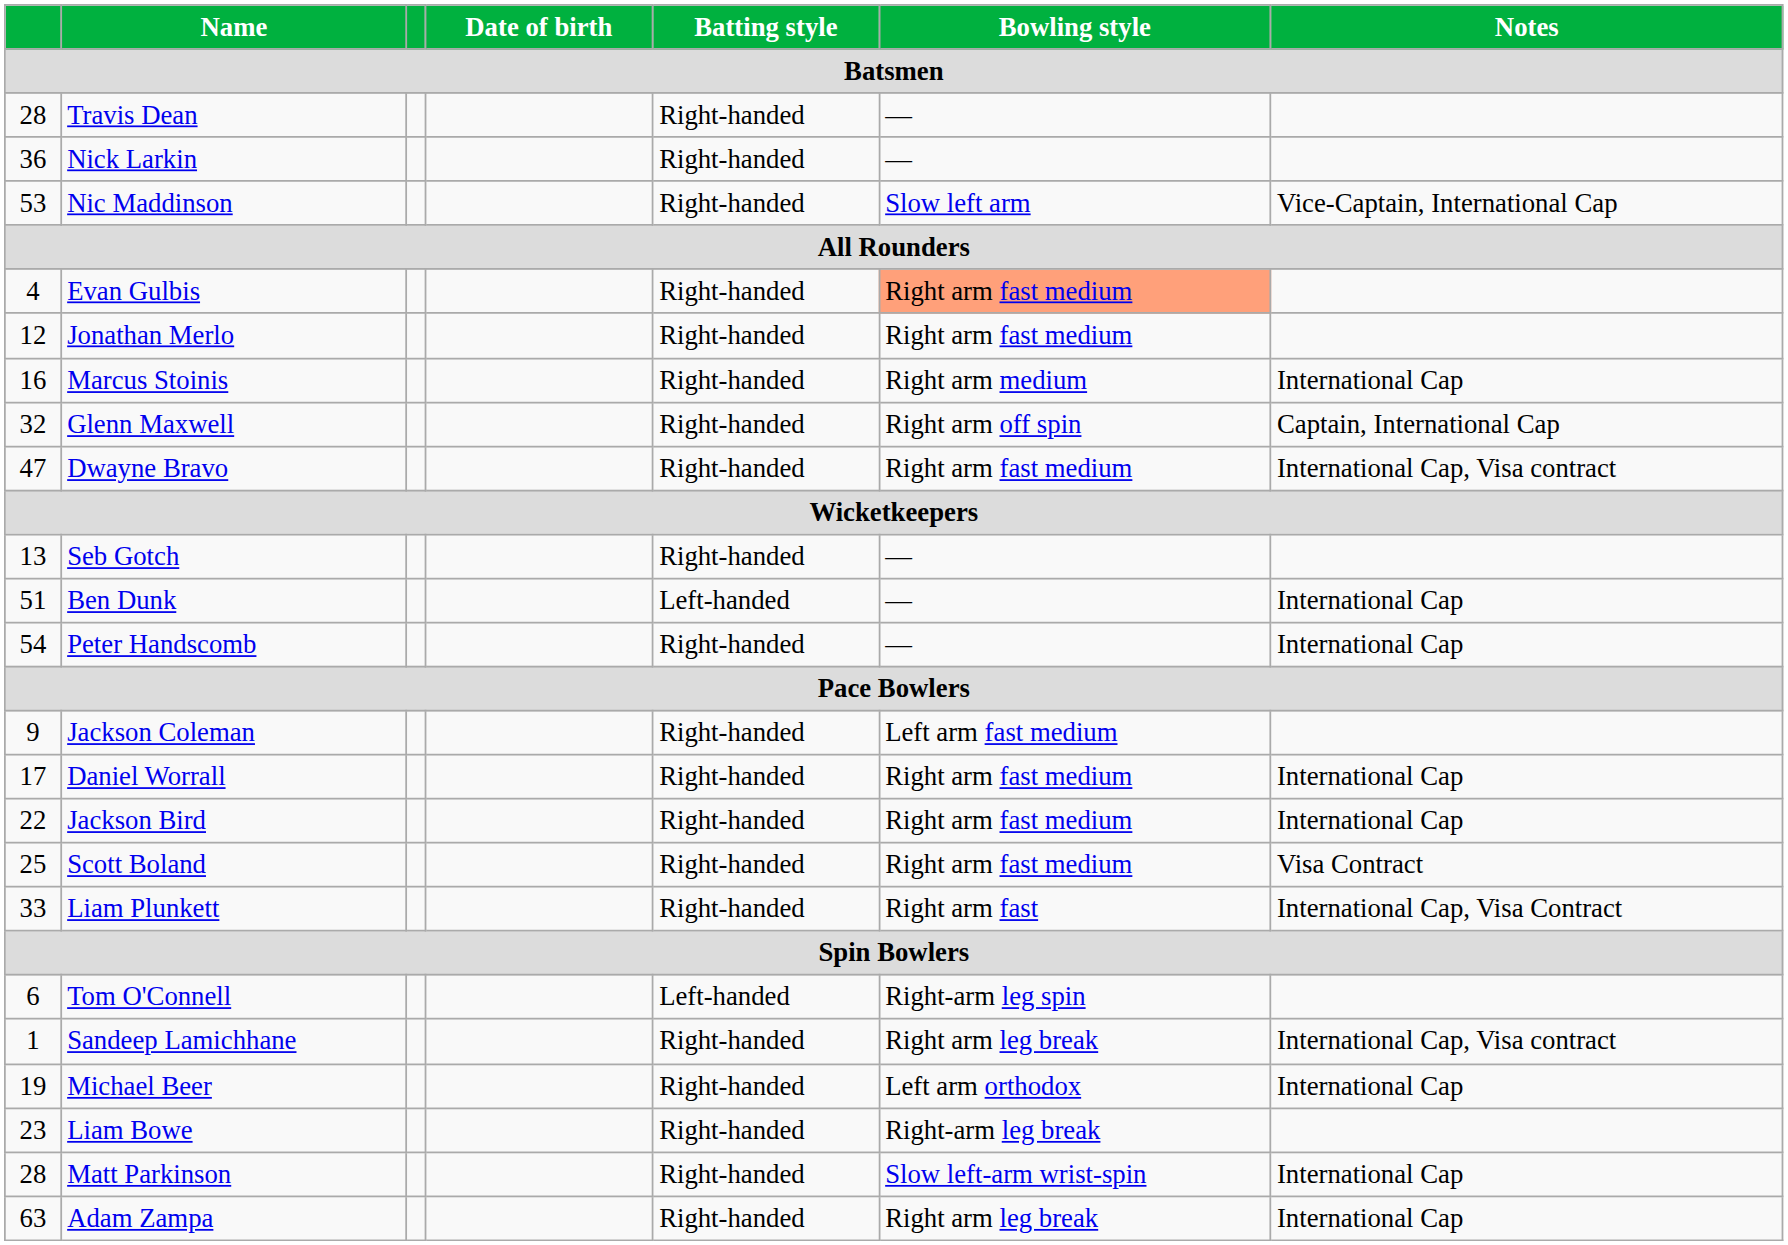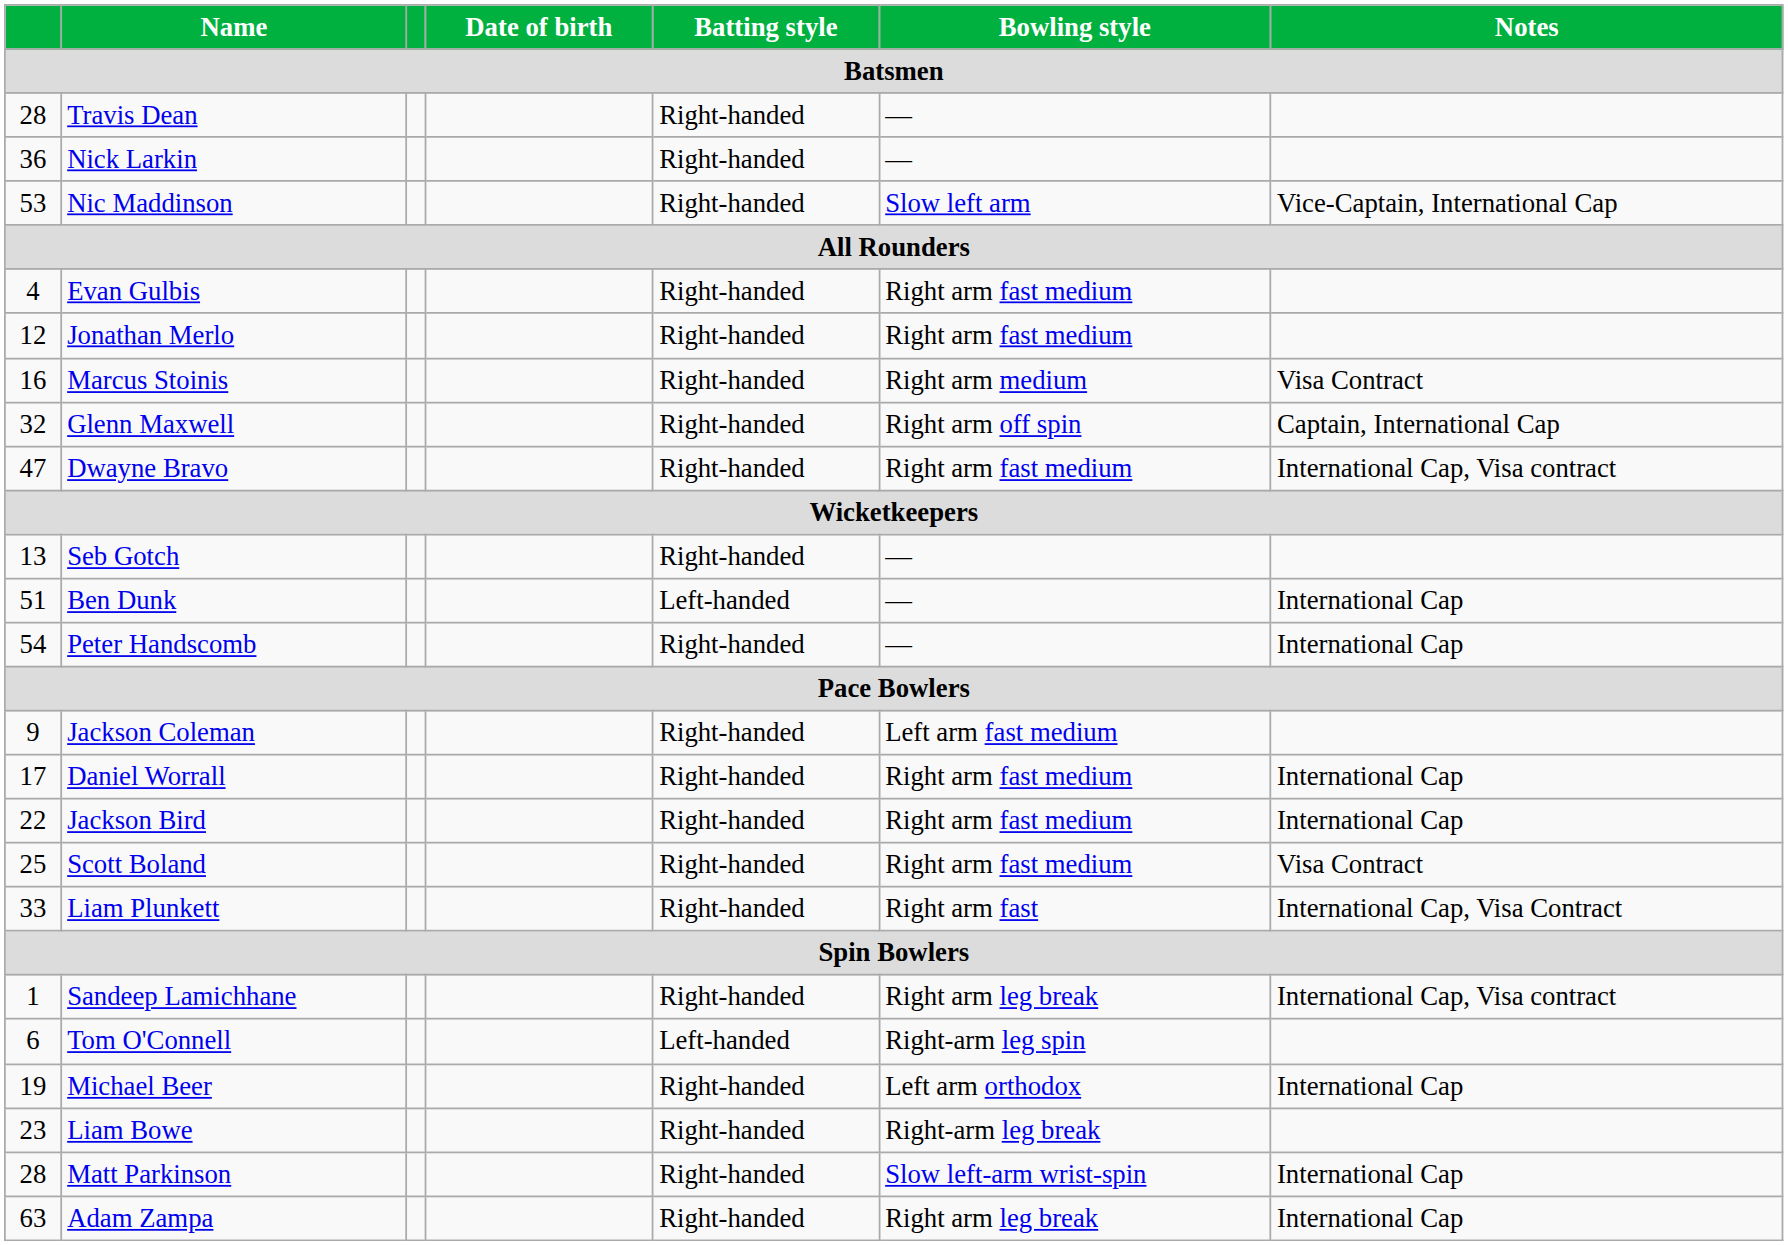 <table class="wikitable" style="font-size:95%;" width="80%">
 <tr>
 <th style="background:#00B13F; color:white"></th>
 <th style="background:#00B13F; color:white">Name</th>
 <th style="background:#00B13F; color:white"></th>
 <th style="background:#00B13F; color:white">Date of birth</th>
 <th style="background:#00B13F; color:white">Batting style</th>
 <th style="background:#00B13F; color:white">Bowling style</th>
 <th style="background:#00B13F; color:white">Notes</th>
 </tr>
 <tr>
 <th colspan="7"  style="background:#dcdcdc; text-align:center;">Batsmen</th>
 </tr>
 <tr>
 <td style="text-align:center">28</td>
 <td><a href='#'>Travis Dean</a></td>
 <td style="text-align:center"></td>
 <td></td>
 <td>Right-handed</td>
 <td>—</td>
 <td></td>
 </tr>
 <tr>
 <td style="text-align:center">36</td>
 <td><a href='#'>Nick Larkin</a></td>
 <td style="text-align:center"></td>
 <td></td>
 <td>Right-handed</td>
 <td>—</td>
 <td></td>
 </tr>
 <tr>
 <td style="text-align:center">53</td>
 <td><a href='#'>Nic Maddinson</a></td>
 <td style="text-align:center"></td>
 <td></td>
 <td>Right-handed</td>
 <td><a href='#'>Slow left arm</a></td>
 <td>Vice-Captain, International Cap</td>
 </tr>
 <tr>
 <th colspan="7"  style="background:#dcdcdc; text-align:center;">All Rounders</th>
 </tr>
 <tr>
 <td style="text-align:center">4</td>
 <td><a href='#'>Evan Gulbis</a></td>
 <td style="text-align:center"></td>
 <td></td>
 <td>Right-handed</td>
-<td style="background: lightsalmon;">Right arm <a href='#'>fast medium</a></td>
+<td>Right arm <a href='#'>fast medium</a></td>
 <td></td>
 </tr>
 <tr>
 <td style="text-align:center">12</td>
 <td><a href='#'>Jonathan Merlo</a></td>
 <td style="text-align:center"></td>
 <td></td>
 <td>Right-handed</td>
 <td>Right arm <a href='#'>fast medium</a></td>
 <td></td>
 </tr>
 <tr>
 <td style="text-align:center">16</td>
 <td><a href='#'>Marcus Stoinis</a></td>
 <td style="text-align:center"></td>
 <td></td>
 <td>Right-handed</td>
 <td>Right arm <a href='#'>medium</a></td>
-<td>International Cap</td>
+<td>Visa Contract</td>
 </tr>
 <tr>
 <td style="text-align:center">32</td>
 <td><a href='#'>Glenn Maxwell</a></td>
 <td style="text-align:center"></td>
 <td></td>
 <td>Right-handed</td>
 <td>Right arm <a href='#'>off spin</a></td>
 <td>Captain, International Cap</td>
 </tr>
 <tr>
 <td style="text-align:center">47</td>
 <td><a href='#'>Dwayne Bravo</a></td>
 <td style="text-align:center"></td>
 <td></td>
 <td>Right-handed</td>
 <td>Right arm <a href='#'>fast medium</a></td>
 <td>International Cap, Visa contract</td>
 </tr>
 <tr>
 <th colspan="7"  style="background:#dcdcdc; text-align:center;">Wicketkeepers</th>
 </tr>
 <tr>
 <td style="text-align:center">13</td>
 <td><a href='#'>Seb Gotch</a></td>
 <td style="text-align:center"></td>
 <td></td>
 <td>Right-handed</td>
 <td>—</td>
 <td></td>
 </tr>
 <tr>
 <td style="text-align:center">51</td>
 <td><a href='#'>Ben Dunk</a></td>
 <td style="text-align:center"></td>
 <td></td>
 <td>Left-handed</td>
 <td>—</td>
 <td>International Cap</td>
 </tr>
 <tr>
 <td style="text-align:center">54</td>
 <td><a href='#'>Peter Handscomb</a></td>
 <td style="text-align:center"></td>
 <td></td>
 <td>Right-handed</td>
 <td>—</td>
 <td>International Cap</td>
 </tr>
 <tr>
 <th colspan="7"  style="background:#dcdcdc; text-align:center;">Pace Bowlers</th>
 </tr>
 <tr>
 <td style="text-align:center">9</td>
 <td><a href='#'>Jackson Coleman</a></td>
 <td style="text-align:center"></td>
 <td></td>
 <td>Right-handed</td>
 <td>Left arm <a href='#'>fast medium</a></td>
 <td></td>
 </tr>
 <tr>
 <td style="text-align:center">17</td>
 <td><a href='#'>Daniel Worrall</a></td>
 <td style="text-align:center"></td>
 <td></td>
 <td>Right-handed</td>
 <td>Right arm <a href='#'>fast medium</a></td>
 <td>International Cap</td>
 </tr>
 <tr>
 <td style="text-align:center">22</td>
 <td><a href='#'>Jackson Bird</a></td>
 <td style="text-align:center"></td>
 <td></td>
 <td>Right-handed</td>
 <td>Right arm <a href='#'>fast medium</a></td>
 <td>International Cap</td>
 </tr>
 <tr>
 <td style="text-align:center">25</td>
 <td><a href='#'>Scott Boland</a></td>
 <td style="text-align:center"></td>
 <td></td>
 <td>Right-handed</td>
 <td>Right arm <a href='#'>fast medium</a></td>
 <td>Visa Contract</td>
 </tr>
 <tr>
 <td style="text-align:center">33</td>
 <td><a href='#'>Liam Plunkett</a></td>
 <td style="text-align:center"></td>
 <td></td>
 <td>Right-handed</td>
 <td>Right arm <a href='#'>fast</a></td>
 <td>International Cap, Visa Contract</td>
 </tr>
 <tr>
 <th colspan="7"  style="background:#dcdcdc; text-align:center;">Spin Bowlers</th>
 </tr>
 <tr>
+<td style="text-align:center">1</td>
+<td><a href='#'>Sandeep Lamichhane</a></td>
+<td style="text-align:center"></td>
+<td></td>
+<td>Right-handed</td>
+<td>Right arm <a href='#'>leg break</a></td>
+<td>International Cap, Visa contract</td>
+</tr>
+<tr>
 <td style="text-align:center">6</td>
 <td><a href='#'>Tom O'Connell</a></td>
 <td style="text-align:center"></td>
 <td></td>
 <td>Left-handed</td>
 <td>Right-arm <a href='#'>leg spin</a></td>
 <td></td>
-</tr>
-<tr>
-<td style="text-align:center">1</td>
-<td><a href='#'>Sandeep Lamichhane</a></td>
-<td style="text-align:center"></td>
-<td></td>
-<td>Right-handed</td>
-<td>Right arm <a href='#'>leg break</a></td>
-<td>International Cap, Visa contract</td>
 </tr>
 <tr>
 <td style="text-align:center">19</td>
 <td><a href='#'>Michael Beer</a></td>
 <td style="text-align:center"></td>
 <td></td>
 <td>Right-handed</td>
 <td>Left arm <a href='#'>orthodox</a></td>
 <td>International Cap</td>
 </tr>
 <tr>
 <td style="text-align:center">23</td>
 <td><a href='#'>Liam Bowe</a></td>
 <td style="text-align:center"></td>
 <td></td>
 <td>Right-handed</td>
 <td>Right-arm <a href='#'>leg break</a></td>
 <td></td>
 </tr>
 <tr>
 <td style="text-align:center">28</td>
 <td><a href='#'>Matt Parkinson</a></td>
 <td style="text-align:center"></td>
 <td></td>
 <td>Right-handed</td>
 <td><a href='#'>Slow left-arm wrist-spin</a></td>
 <td>International Cap</td>
 </tr>
 <tr>
 <td style="text-align:center">63</td>
 <td><a href='#'>Adam Zampa</a></td>
 <td style="text-align:center"></td>
 <td></td>
 <td>Right-handed</td>
 <td>Right arm <a href='#'>leg break</a></td>
 <td>International Cap</td>
 </tr>
 </table>
